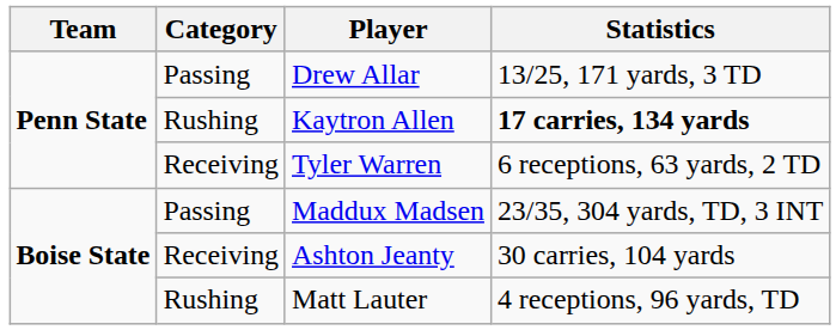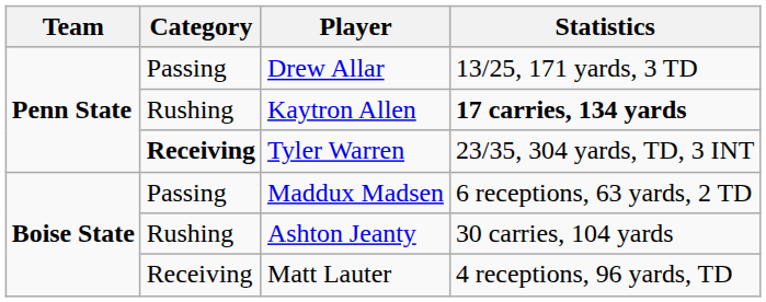 <table class="wikitable" style="float: right;">
 <tr>
 <th>Team</th>
 <th>Category</th>
 <th>Player</th>
 <th>Statistics</th>
 </tr>
 <tr>
 <td rowspan=3><strong>Penn State</strong></td>
 <td>Passing</td>
 <td><a href='#'>Drew Allar</a></td>
 <td>13/25, 171 yards, 3 TD</td>
 </tr>
 <tr>
 <td>Rushing</td>
 <td><a href='#'>Kaytron Allen</a></td>
 <td><strong>17 carries, 134 yards</strong></td>
 </tr>
 <tr>
-<td>Receiving</td>
+<td><strong>Receiving</strong></td>
 <td><a href='#'>Tyler Warren</a></td>
-<td>6 receptions, 63 yards, 2 TD</td>
+<td>23/35, 304 yards, TD, 3 INT</td>
 </tr>
 <tr>
 <td rowspan=3><strong>Boise State</strong></td>
 <td>Passing</td>
 <td><a href='#'>Maddux Madsen</a></td>
-<td>23/35, 304 yards, TD, 3 INT</td>
+<td>6 receptions, 63 yards, 2 TD</td>
 </tr>
 <tr>
-<td>Receiving</td>
+<td>Rushing</td>
 <td><a href='#'>Ashton Jeanty</a></td>
 <td>30 carries, 104 yards</td>
 </tr>
 <tr>
-<td>Rushing</td>
+<td>Receiving</td>
 <td>Matt Lauter</td>
 <td>4 receptions, 96 yards, TD</td>
 </tr>
 </table>
